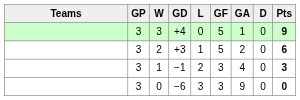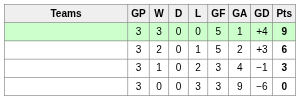 <table style=border-collapse:collapse border=1 cellspacing=0 cellpadding=5>
 <tr align=center bgcolor=#efefef>
 <th width=185>Teams</th>
 <th width=20>GP</th>
 <th width=20>W</th>
-<th width=20>GD</th>
+<th width=20>D</th>
 <th width=20>L</th>
 <th width=20>GF</th>
 <th width=20>GA</th>
-<th width=20>D</th>
+<th width=20>GD</th>
 <th width=20>Pts</th>
 </tr>
 <tr align=center style="background:#ccffcc;">
 <td style="text-align:left;"><strong></strong></td>
 <td>3</td>
 <td>3</td>
-<td>+4</td>
+<td>0</td>
 <td>0</td>
 <td>5</td>
 <td>1</td>
-<td>0</td>
+<td>+4</td>
 <td><strong>9</strong></td>
 </tr>
 <tr align=center>
 <td style="text-align:left;"></td>
 <td>3</td>
 <td>2</td>
-<td>+3</td>
+<td>0</td>
 <td>1</td>
 <td>5</td>
 <td>2</td>
-<td>0</td>
+<td>+3</td>
 <td><strong>6</strong></td>
 </tr>
 <tr align=center>
 <td style="text-align:left;"></td>
 <td>3</td>
 <td>1</td>
-<td>−1</td>
+<td>0</td>
 <td>2</td>
 <td>3</td>
 <td>4</td>
-<td>0</td>
+<td>−1</td>
 <td><strong>3</strong></td>
 </tr>
 <tr align=center>
 <td style="text-align:left;"></td>
 <td>3</td>
 <td>0</td>
-<td>−6</td>
+<td>0</td>
 <td>3</td>
 <td>3</td>
 <td>9</td>
-<td>0</td>
+<td>−6</td>
 <td><strong>0</strong></td>
 </tr>
 </table>
